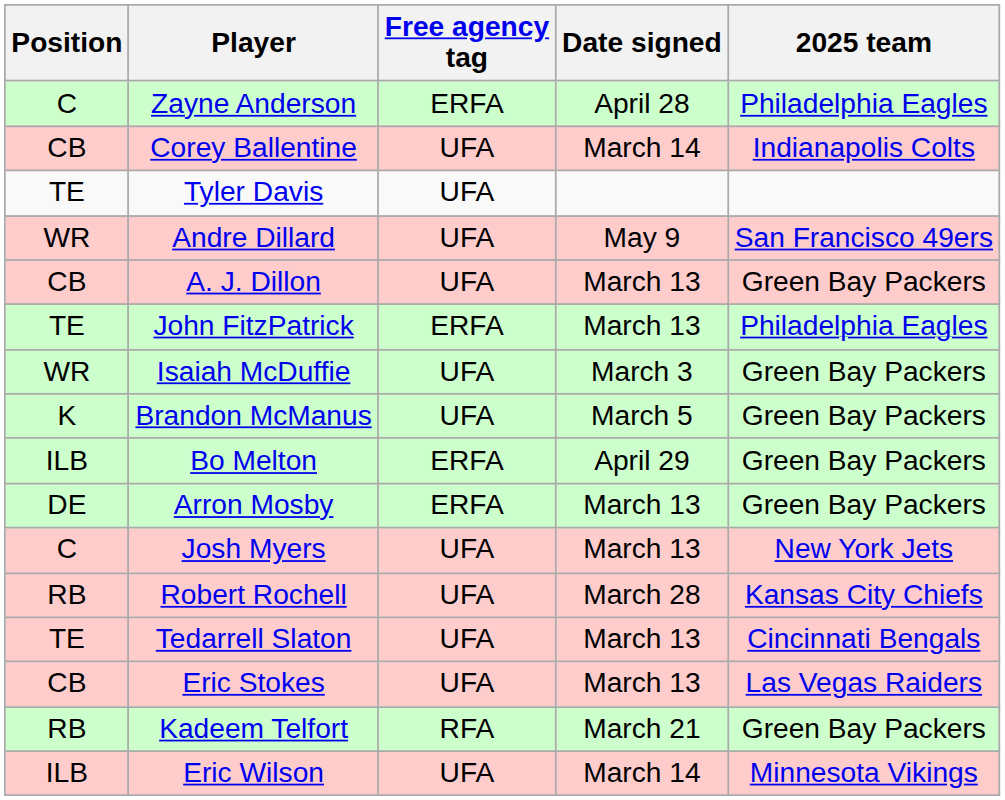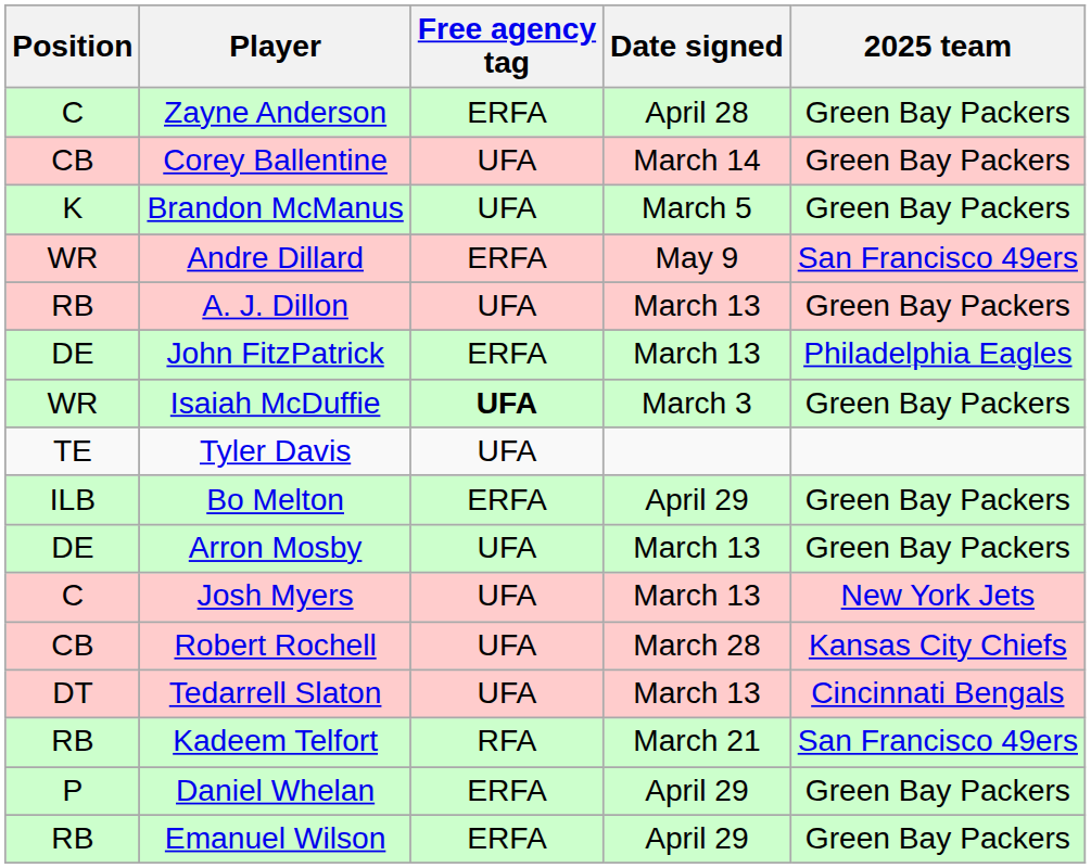 <table class="wikitable" style="text-align:center">
 <tr>
 <th>Position</th>
 <th>Player</th>
 <th><a href='#'><span>Free agency</span></a><br>tag</th>
 <th>Date signed</th>
 <th>2025 team</th>
 </tr>
 <tr bgcolor=ccffcc>
 <td>C</td>
 <td><a href='#'>Zayne Anderson</a></td>
 <td>ERFA</td>
 <td>April 28</td>
-<td><a href='#'>Philadelphia Eagles</a></td>
+<td>Green Bay Packers</td>
 </tr>
 <tr bgcolor=ffcccc>
 <td>CB</td>
 <td><a href='#'>Corey Ballentine</a></td>
 <td>UFA</td>
 <td>March 14</td>
-<td><a href='#'>Indianapolis Colts</a></td>
+<td>Green Bay Packers</td>
 </tr>
-<tr bgcolor=>
-<td>TE</td>
-<td><a href='#'>Tyler Davis</a></td>
+<tr bgcolor=ccffcc>
+<td>K</td>
+<td><a href='#'>Brandon McManus</a></td>
 <td>UFA</td>
-<td></td>
-<td></td>
+<td>March 5</td>
+<td>Green Bay Packers</td>
 </tr>
 <tr bgcolor=ffcccc>
 <td>WR</td>
 <td><a href='#'>Andre Dillard</a></td>
-<td>UFA</td>
+<td>ERFA</td>
 <td>May 9</td>
 <td><a href='#'>San Francisco 49ers</a></td>
 </tr>
 <tr bgcolor=ffcccc>
-<td>CB</td>
+<td>RB</td>
 <td><a href='#'>A. J. Dillon</a></td>
 <td>UFA</td>
 <td>March 13</td>
 <td>Green Bay Packers</td>
 </tr>
 <tr bgcolor=ccffcc>
-<td>TE</td>
+<td>DE</td>
 <td><a href='#'>John FitzPatrick</a></td>
 <td>ERFA</td>
 <td>March 13</td>
 <td><a href='#'>Philadelphia Eagles</a></td>
 </tr>
 <tr bgcolor=ccffcc>
 <td>WR</td>
 <td><a href='#'>Isaiah McDuffie</a></td>
-<td>UFA</td>
+<td><strong>UFA</strong></td>
 <td>March 3</td>
 <td>Green Bay Packers</td>
 </tr>
-<tr bgcolor=ccffcc>
-<td>K</td>
-<td><a href='#'>Brandon McManus</a></td>
+<tr bgcolor=>
+<td>TE</td>
+<td><a href='#'>Tyler Davis</a></td>
 <td>UFA</td>
-<td>March 5</td>
-<td>Green Bay Packers</td>
+<td></td>
+<td></td>
 </tr>
 <tr bgcolor=ccffcc>
 <td>ILB</td>
 <td><a href='#'>Bo Melton</a></td>
 <td>ERFA</td>
 <td>April 29</td>
 <td>Green Bay Packers</td>
 </tr>
 <tr bgcolor=ccffcc>
 <td>DE</td>
 <td><a href='#'>Arron Mosby</a></td>
-<td>ERFA</td>
+<td>UFA</td>
 <td>March 13</td>
 <td>Green Bay Packers</td>
 </tr>
 <tr bgcolor=ffcccc>
 <td>C</td>
 <td><a href='#'>Josh Myers</a></td>
 <td>UFA</td>
 <td>March 13</td>
 <td><a href='#'>New York Jets</a></td>
 </tr>
 <tr bgcolor=ffcccc>
-<td>RB</td>
+<td>CB</td>
 <td><a href='#'>Robert Rochell</a></td>
 <td>UFA</td>
 <td>March 28</td>
 <td><a href='#'>Kansas City Chiefs</a></td>
 </tr>
 <tr bgcolor=ffcccc>
-<td>TE</td>
+<td>DT</td>
 <td><a href='#'>Tedarrell Slaton</a></td>
 <td>UFA</td>
 <td>March 13</td>
 <td><a href='#'>Cincinnati Bengals</a></td>
-</tr>
-<tr bgcolor=ffcccc>
-<td>CB</td>
-<td><a href='#'>Eric Stokes</a></td>
-<td>UFA</td>
-<td>March 13</td>
-<td><a href='#'>Las Vegas Raiders</a></td>
 </tr>
 <tr bgcolor=ccffcc>
 <td>RB</td>
 <td><a href='#'>Kadeem Telfort</a></td>
 <td>RFA</td>
 <td>March 21</td>
+<td><a href='#'>San Francisco 49ers</a></td>
+</tr>
+<tr bgcolor=ccffcc>
+<td>P</td>
+<td><a href='#'>Daniel Whelan</a></td>
+<td>ERFA</td>
+<td>April 29</td>
 <td>Green Bay Packers</td>
 </tr>
-<tr bgcolor=ffcccc>
-<td>ILB</td>
-<td><a href='#'>Eric Wilson</a></td>
-<td>UFA</td>
-<td>March 14</td>
-<td><a href='#'>Minnesota Vikings</a></td>
+<tr bgcolor=ccffcc>
+<td>RB</td>
+<td><a href='#'>Emanuel Wilson</a></td>
+<td>ERFA</td>
+<td>April 29</td>
+<td>Green Bay Packers</td>
 </tr>
 </table>
